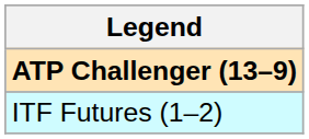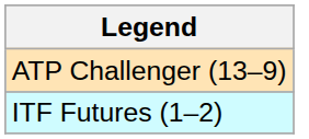 <table class=wikitable style=font-size:90%>
 <tr>
 <th>Legend</th>
 </tr>
 <tr bgcolor=moccasin>
-<td><strong>ATP Challenger (13–9)</strong></td>
+<td>ATP Challenger (13–9)</td>
 </tr>
 <tr bgcolor=cffcff>
 <td>ITF Futures (1–2)</td>
 </tr>
 </table>
